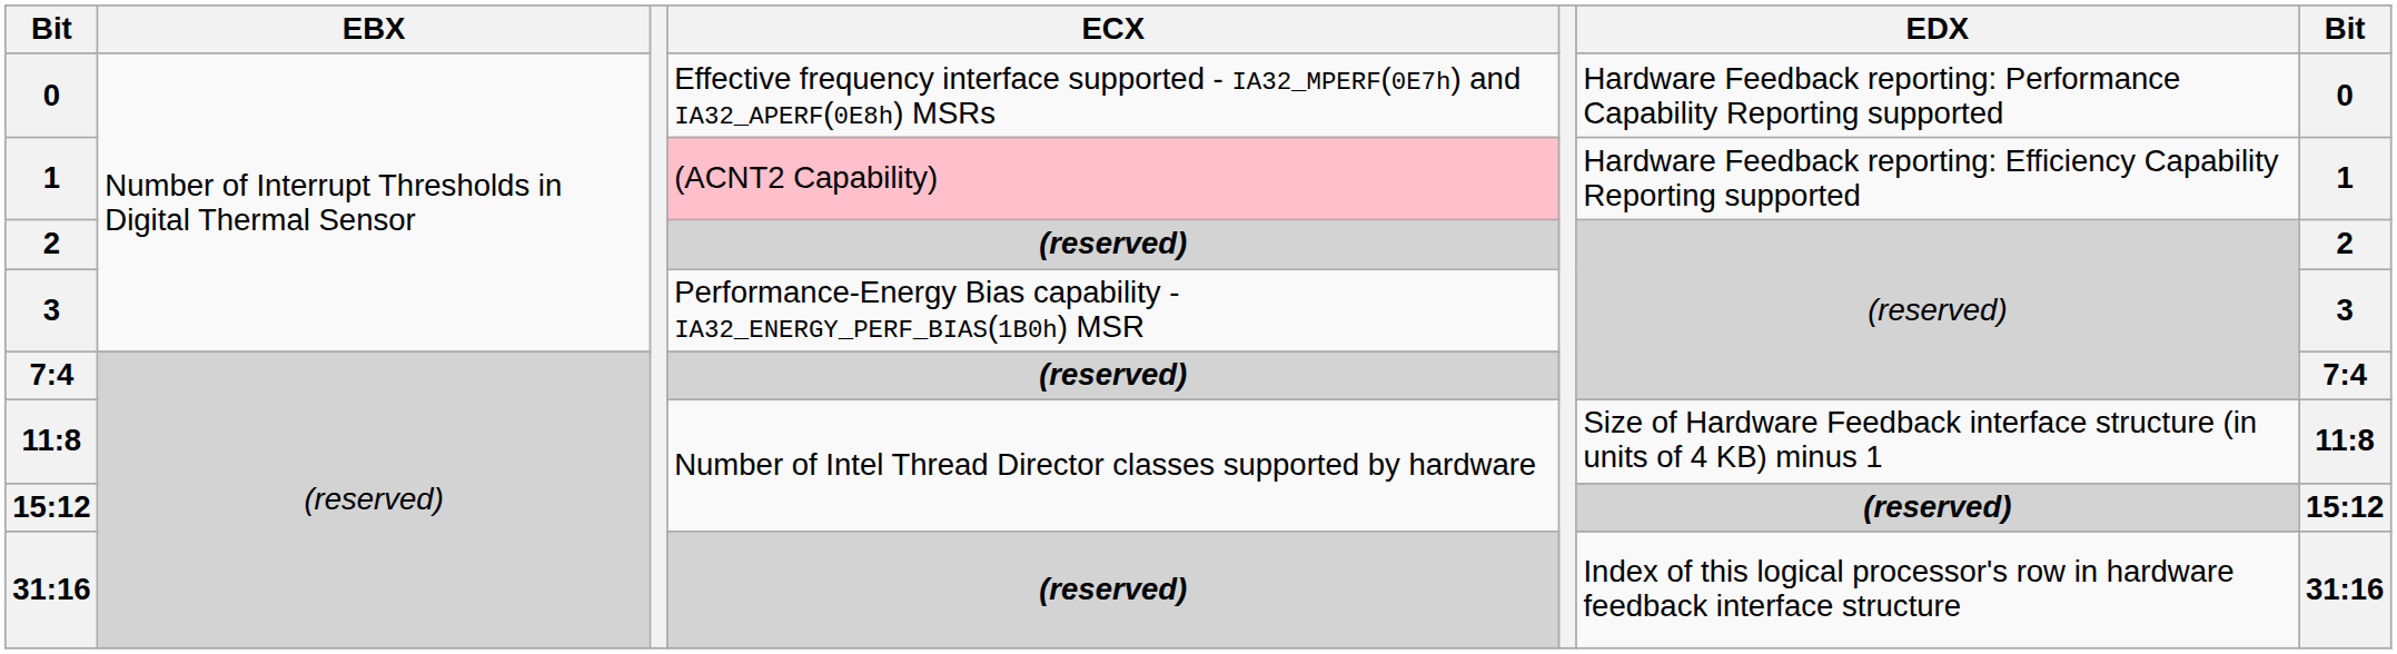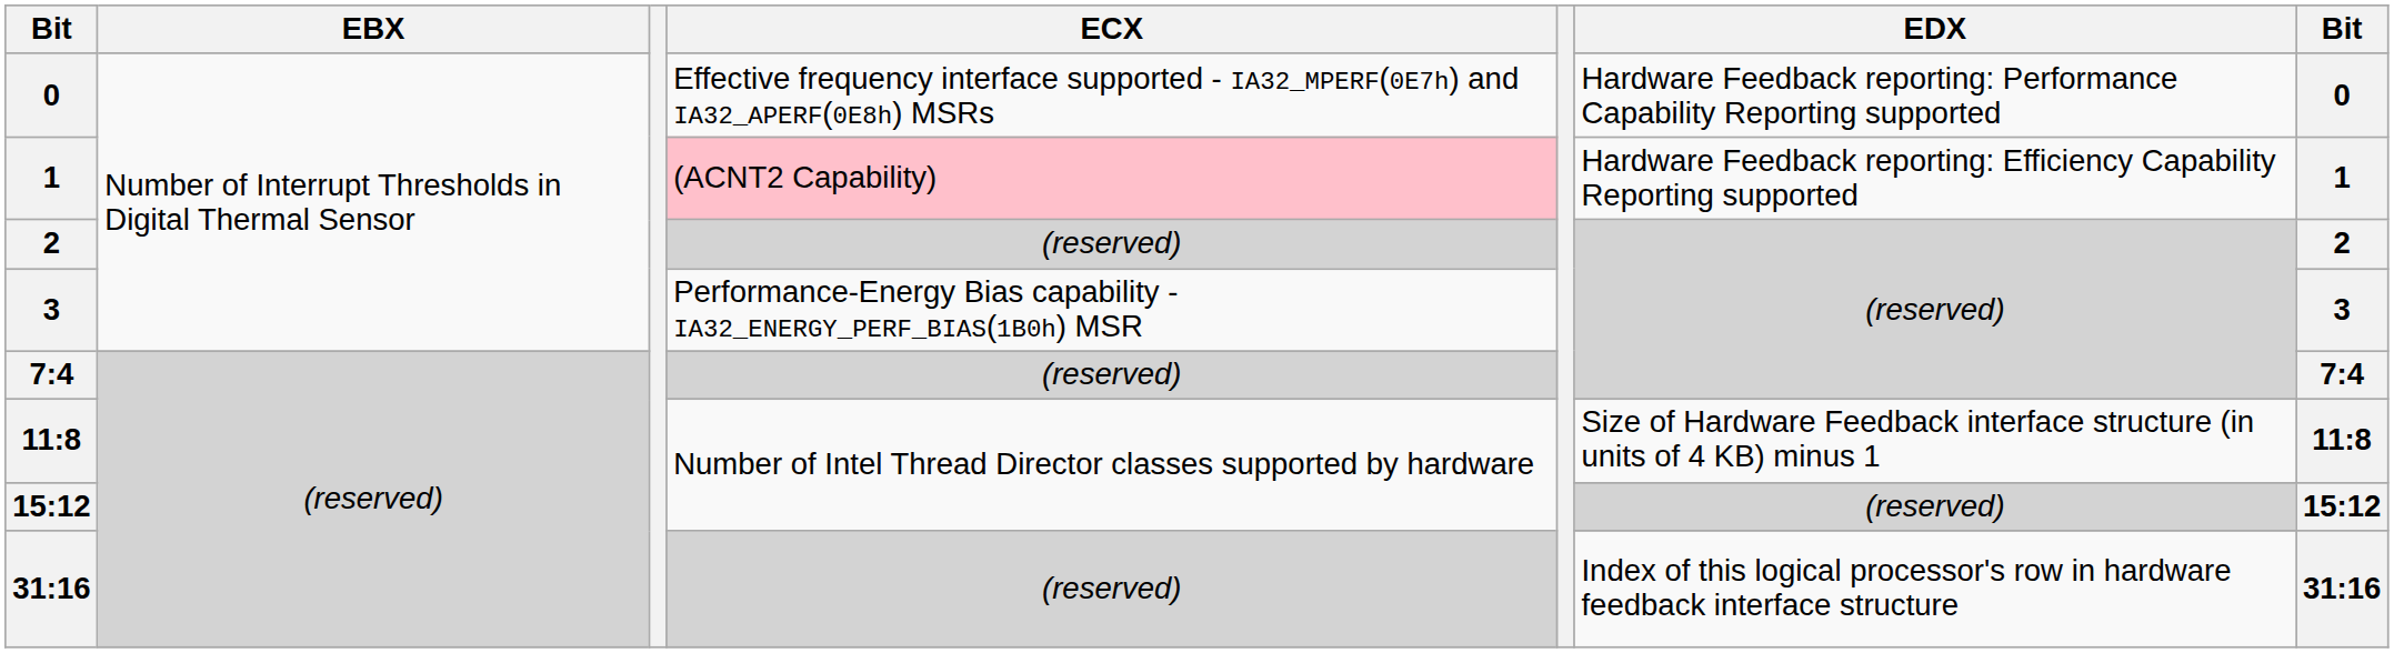 <table class="wikitable">
 <tr>
 <th>Bit</th>
 <th>EBX</th>
 <th scope="col" style="width: 0.5em; border-spacing:0; padding:0px" rowspan="9"></th>
 <th>ECX</th>
 <th scope="col" style="width: 0.5em; border-spacing:0; padding:0px" rowspan="9"></th>
 <th>EDX</th>
 <th>Bit</th>
 </tr>
 <tr>
 <th>0</th>
 <td rowspan="4">Number of Interrupt Thresholds in Digital Thermal Sensor</td>
 <td>Effective frequency interface supported - <code>IA32_MPERF</code>(<code>0E7h</code>) and <code>IA32_APERF</code>(<code>0E8h</code>) MSRs</td>
 <td>Hardware Feedback reporting: Performance Capability Reporting supported</td>
 <th>0</th>
 </tr>
 <tr>
 <th>1</th>
 <td style="background: pink;">(ACNT2 Capability)</td>
 <td>Hardware Feedback reporting: Efficiency Capability Reporting supported</td>
 <th>1</th>
 </tr>
 <tr>
 <th>2</th>
-<td style="text-align:center; background:lightgrey;"><strong><em>(reserved)</em></strong></td>
+<td style="text-align:center; background:lightgrey;"><em>(reserved)</em></td>
 <td rowspan="3" style="text-align:center; background:lightgrey;"><em>(reserved)</em></td>
 <th>2</th>
 </tr>
 <tr>
 <th>3</th>
 <td>Performance-Energy Bias capability - <code>IA32_ENERGY_PERF_BIAS</code>(<code>1B0h</code>) MSR</td>
 <th>3</th>
 </tr>
 <tr>
 <th>7:4</th>
 <td rowspan="4" style="text-align:center; background:lightgrey;"><em>(reserved)</em></td>
-<td style="text-align:center; background:lightgrey;"><strong><em>(reserved)</em></strong></td>
+<td style="text-align:center; background:lightgrey;"><em>(reserved)</em></td>
 <th>7:4</th>
 </tr>
 <tr>
 <th>11:8</th>
 <td rowspan="2">Number of Intel Thread Director classes supported by hardware</td>
 <td>Size of Hardware Feedback interface structure (in units of 4 KB) minus 1</td>
 <th>11:8</th>
 </tr>
 <tr>
 <th>15:12</th>
-<td style="text-align:center; background:lightgrey;"><strong><em>(reserved)</em></strong></td>
+<td style="text-align:center; background:lightgrey;"><em>(reserved)</em></td>
 <th>15:12</th>
 </tr>
 <tr>
 <th><br>31:16<br> </th>
-<td style="text-align:center; background:lightgrey;"><strong><em>(reserved)</em></strong></td>
+<td style="text-align:center; background:lightgrey;"><em>(reserved)</em></td>
 <td>Index of this logical processor's row in hardware feedback interface structure</td>
 <th><br>31:16<br> </th>
 </tr>
 </table>
